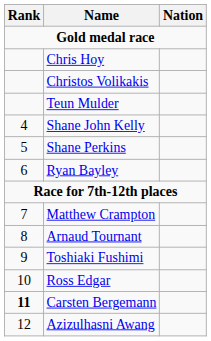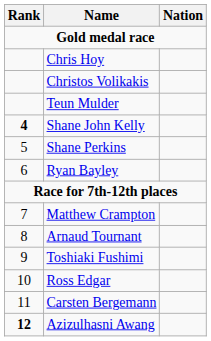 <table class=wikitable sortable style=text-align:center>
 <tr>
 <th>Rank</th>
 <th>Name</th>
 <th>Nation</th>
 </tr>
 <tr>
 <td colspan=3><strong>Gold medal race</strong></td>
 </tr>
 <tr>
 <td></td>
 <td align=left><a href='#'>Chris Hoy</a></td>
 <td align=left></td>
 </tr>
 <tr>
 <td></td>
 <td align=left><a href='#'>Christos Volikakis</a></td>
 <td align=left></td>
 </tr>
 <tr>
 <td></td>
 <td align=left><a href='#'>Teun Mulder</a></td>
 <td align=left></td>
 </tr>
 <tr>
-<td>4</td>
+<td><strong>4</strong></td>
 <td align=left><a href='#'>Shane John Kelly</a></td>
 <td align=left></td>
 </tr>
 <tr>
 <td>5</td>
 <td align=left><a href='#'>Shane Perkins</a></td>
 <td align=left></td>
 </tr>
 <tr>
 <td>6</td>
 <td align=left><a href='#'>Ryan Bayley</a></td>
 <td align=left></td>
 </tr>
 <tr>
 <td colspan=3><strong>Race for 7th-12th places</strong></td>
 </tr>
 <tr>
 <td>7</td>
 <td align=left><a href='#'>Matthew Crampton</a></td>
 <td align=left></td>
 </tr>
 <tr>
 <td>8</td>
 <td align=left><a href='#'>Arnaud Tournant</a></td>
 <td align=left></td>
 </tr>
 <tr>
 <td>9</td>
 <td align=left><a href='#'>Toshiaki Fushimi</a></td>
 <td align=left></td>
 </tr>
 <tr>
 <td>10</td>
 <td align=left><a href='#'>Ross Edgar</a></td>
 <td align=left></td>
 </tr>
 <tr>
-<td><strong>11</strong></td>
+<td>11</td>
 <td align=left><a href='#'>Carsten Bergemann</a></td>
 <td align=left></td>
 </tr>
 <tr>
-<td>12</td>
+<td><strong>12</strong></td>
 <td align=left><a href='#'>Azizulhasni Awang</a></td>
 <td align=left></td>
 </tr>
 </table>
